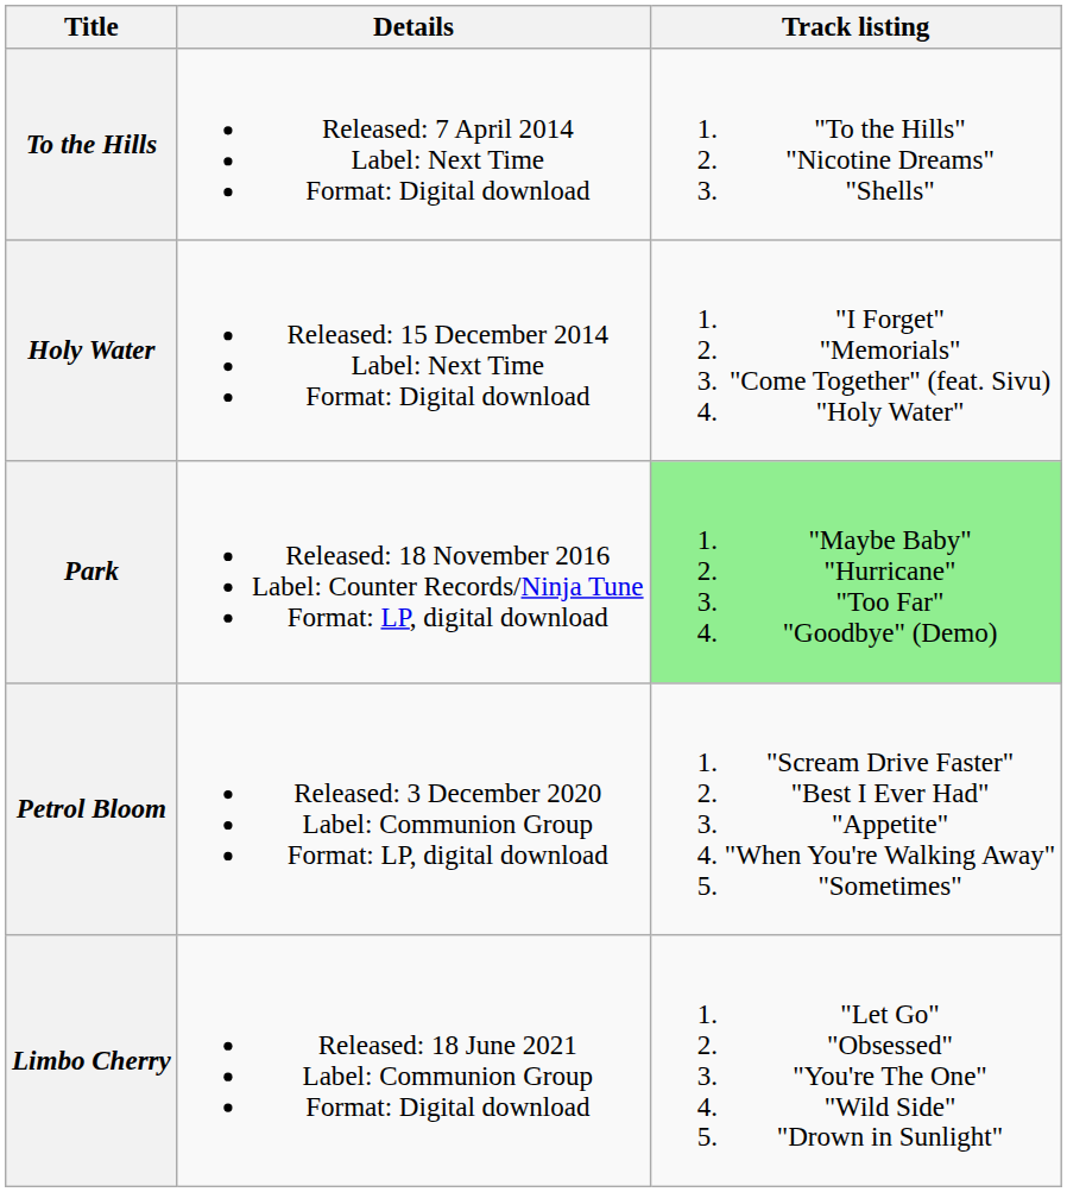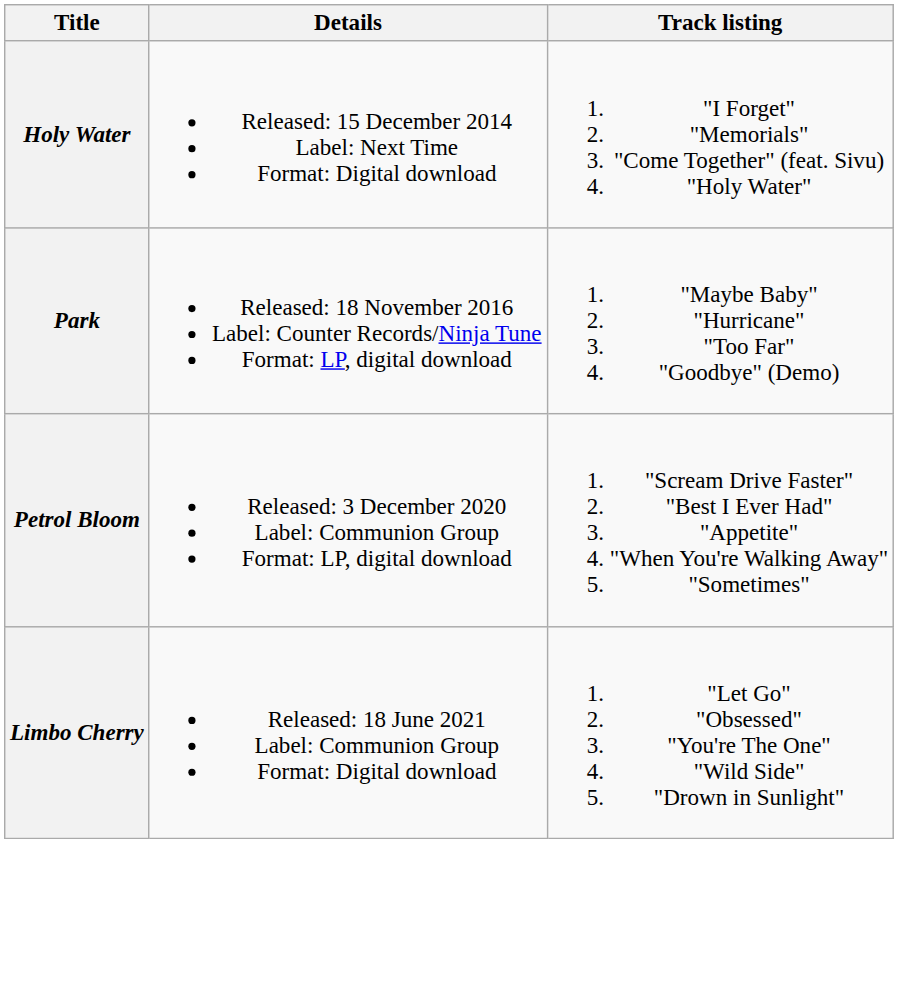 <table class="wikitable plainrowheaders" style="text-align:center;">
 <tr>
 <th scope="col">Title</th>
 <th scope="col">Details</th>
 <th scope="col">Track listing</th>
-</tr>
-<tr>
-<th scope="row"><strong><em>To the Hills</em></strong></th>
-<td><br><ul><li>Released: 7 April 2014</li><li>Label: Next Time</li><li>Format: Digital download</li></ul></td>
-<td><br><ol><li>"To the Hills"</li><li>"Nicotine Dreams"</li><li>"Shells"</li></ol></td>
 </tr>
 <tr>
 <th scope="row"><strong><em>Holy Water</em></strong></th>
 <td><br><ul><li>Released: 15 December 2014</li><li>Label: Next Time</li><li>Format: Digital download</li></ul></td>
 <td><br><ol><li>"I Forget"</li><li>"Memorials"</li><li>"Come Together" (feat. Sivu)</li><li>"Holy Water"</li></ol></td>
 </tr>
 <tr>
 <th scope="row"><strong><em>Park</em></strong></th>
 <td><br><ul><li>Released: 18 November 2016</li><li>Label: Counter Records/<a href='#'>Ninja Tune</a></li><li>Format: <a href='#'>LP</a>, digital download</li></ul></td>
-<td style="background: lightgreen;"><br><ol><li>"Maybe Baby"</li><li>"Hurricane"</li><li>"Too Far"</li><li>"Goodbye" (Demo)</li></ol></td>
+<td><br><ol><li>"Maybe Baby"</li><li>"Hurricane"</li><li>"Too Far"</li><li>"Goodbye" (Demo)</li></ol></td>
 </tr>
 <tr>
 <th scope="row"><strong><em>Petrol Bloom</em></strong></th>
 <td><br><ul><li>Released: 3 December 2020</li><li>Label: Communion Group</li><li>Format: LP, digital download</li></ul></td>
 <td><br><ol><li>"Scream Drive Faster"</li><li>"Best I Ever Had"</li><li>"Appetite"</li><li>"When You're Walking Away"</li><li>"Sometimes"</li></ol></td>
 </tr>
 <tr>
 <th scope="row"><strong><em>Limbo Cherry</em></strong></th>
 <td><br><ul><li>Released: 18 June 2021</li><li>Label: Communion Group</li><li>Format: Digital download</li></ul></td>
 <td><br><ol><li>"Let Go"</li><li>"Obsessed"</li><li>"You're The One"</li><li>"Wild Side"</li><li>"Drown in Sunlight"</li></ol></td>
 </tr>
 </table>
